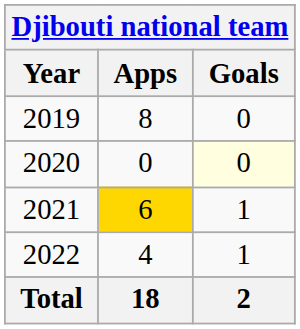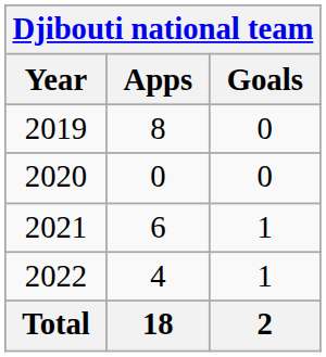 <table class="wikitable" style="text-align:center">
 <tr>
 <th colspan=3><a href='#'>Djibouti national team</a></th>
 </tr>
 <tr>
 <th>Year</th>
 <th>Apps</th>
 <th>Goals</th>
 </tr>
 <tr>
 <td>2019</td>
 <td>8</td>
 <td>0</td>
 </tr>
 <tr>
 <td>2020</td>
 <td>0</td>
-<td style="background: lightyellow;">0</td>
+<td>0</td>
 </tr>
 <tr>
 <td>2021</td>
-<td style="background: gold;">6</td>
+<td>6</td>
 <td>1</td>
 </tr>
 <tr>
 <td>2022</td>
 <td>4</td>
 <td>1</td>
 </tr>
 <tr>
 <th>Total</th>
 <th>18</th>
 <th>2</th>
 </tr>
 </table>
